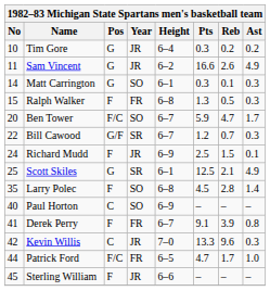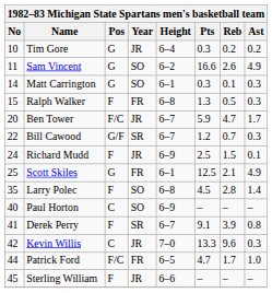 <table class="wikitable sortable" style="font-size: 90%" |->
 <tr>
 <th colspan=9 style=>1982–83 Michigan State Spartans men's basketball team</th>
 </tr>
 <tr>
 <th style="background:#">No</th>
 <th style="background:#">Name</th>
 <th style="background:#">Pos</th>
 <th style="background:#">Year</th>
 <th style="background:#">Height</th>
 <th style="background:#">Pts</th>
 <th style="background:#">Reb</th>
 <th style="background:#">Ast</th>
 </tr>
 <tr>
 <td>10</td>
 <td>Tim Gore</td>
 <td>G</td>
 <td>JR</td>
 <td>6–4</td>
 <td>0.3</td>
 <td>0.2</td>
 <td>0.2</td>
 </tr>
 <tr>
 <td>11</td>
 <td><a href='#'>Sam Vincent</a></td>
 <td>G</td>
-<td>JR</td>
+<td>SO</td>
 <td>6–2</td>
 <td>16.6</td>
 <td>2.6</td>
 <td>4.9</td>
 </tr>
 <tr>
 <td>14</td>
 <td>Matt Carrington</td>
 <td>G</td>
 <td>SO</td>
 <td>6–1</td>
 <td>0.3</td>
 <td>0.1</td>
 <td>0.3</td>
 </tr>
 <tr>
 <td>15</td>
 <td>Ralph Walker</td>
 <td>F</td>
 <td>FR</td>
 <td>6–8</td>
 <td>1.3</td>
 <td>0.5</td>
 <td>0.3</td>
 </tr>
 <tr>
 <td>20</td>
 <td>Ben Tower</td>
 <td>F/C</td>
-<td>SO</td>
+<td>JR</td>
 <td>6–7</td>
 <td>5.9</td>
 <td>4.7</td>
 <td>1.7</td>
 </tr>
 <tr>
 <td>22</td>
 <td>Bill Cawood</td>
 <td>G/F</td>
 <td>SR</td>
 <td>6–7</td>
 <td>1.2</td>
 <td>0.7</td>
 <td>0.3</td>
 </tr>
 <tr>
 <td>24</td>
 <td>Richard Mudd</td>
 <td>F</td>
 <td>JR</td>
 <td>6–9</td>
 <td>2.5</td>
 <td>1.5</td>
 <td>0.1</td>
 </tr>
 <tr>
 <td>25</td>
 <td><a href='#'>Scott Skiles</a></td>
 <td>G</td>
-<td>SR</td>
+<td>FR</td>
 <td>6–1</td>
 <td>12.5</td>
 <td>2.1</td>
 <td>4.9</td>
 </tr>
 <tr>
 <td>35</td>
 <td>Larry Polec</td>
 <td>F</td>
 <td>SO</td>
 <td>6–8</td>
 <td>4.5</td>
 <td>2.8</td>
 <td>1.4</td>
 </tr>
 <tr>
 <td>40</td>
 <td>Paul Horton</td>
 <td>C</td>
 <td>SO</td>
 <td>6–9</td>
 <td>–</td>
 <td>–</td>
 <td>–</td>
 </tr>
 <tr>
 <td>41</td>
 <td>Derek Perry</td>
 <td>F</td>
-<td>FR</td>
+<td>SR</td>
 <td>6–7</td>
 <td>9.1</td>
 <td>3.9</td>
 <td>0.8</td>
 </tr>
 <tr>
 <td>42</td>
 <td><a href='#'>Kevin Willis</a></td>
 <td>C</td>
 <td>JR</td>
 <td>7–0</td>
 <td>13.3</td>
 <td>9.6</td>
 <td>0.3</td>
 </tr>
 <tr>
 <td>44</td>
 <td>Patrick Ford</td>
 <td>F/C</td>
 <td>FR</td>
 <td>6–5</td>
 <td>4.7</td>
 <td>1.7</td>
 <td>1.0</td>
 </tr>
 <tr>
 <td>45</td>
 <td>Sterling William</td>
 <td>F</td>
 <td>JR</td>
 <td>6–6</td>
 <td>–</td>
 <td>–</td>
 <td>–</td>
 </tr>
 <tr>
 </tr>
 </table>
